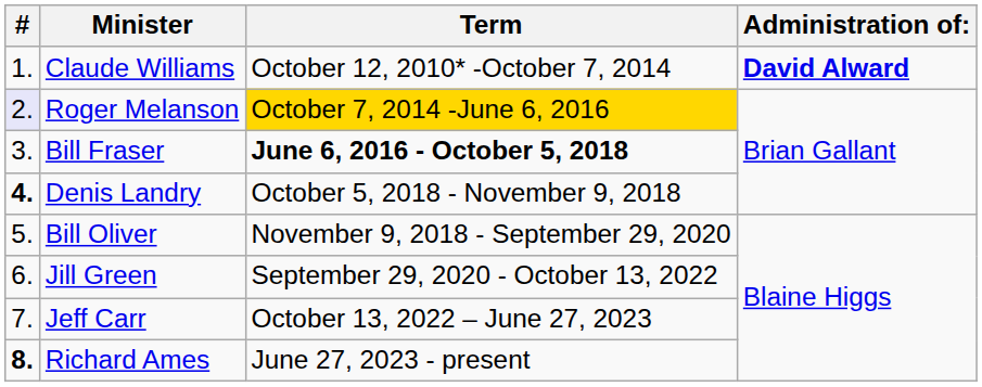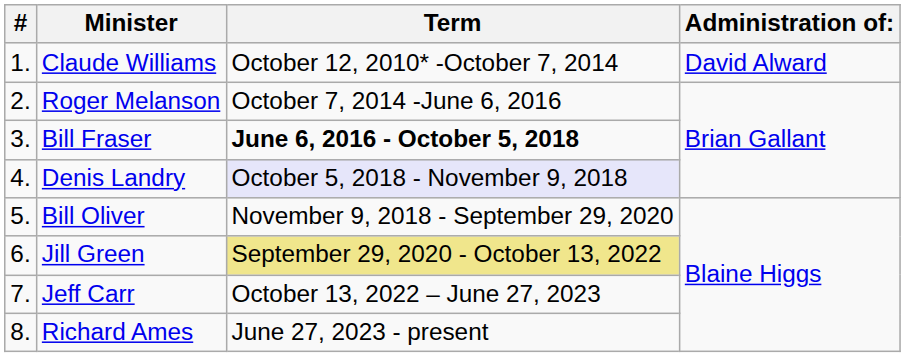 <table class="wikitable">
 <tr>
 <th>#</th>
 <th>Minister</th>
 <th>Term</th>
 <th>Administration of:</th>
 </tr>
 <tr>
 <td>1.</td>
 <td><a href='#'>Claude Williams</a></td>
 <td>October 12, 2010* -October 7, 2014</td>
-<td><strong><a href='#'>David Alward</a></strong></td>
+<td><a href='#'>David Alward</a></td>
 </tr>
 <tr>
-<td style="background: lavender;">2.</td>
+<td>2.</td>
 <td><a href='#'>Roger Melanson</a></td>
-<td style="background: gold;">October 7, 2014 -June 6, 2016</td>
+<td>October 7, 2014 -June 6, 2016</td>
 <td rowspan=3><a href='#'>Brian Gallant</a></td>
 </tr>
 <tr>
 <td>3.</td>
 <td><a href='#'>Bill Fraser</a></td>
 <td><strong>June 6, 2016 - October 5, 2018</strong></td>
 </tr>
 <tr>
-<td><strong>4.</strong></td>
+<td>4.</td>
 <td><a href='#'>Denis Landry</a></td>
-<td>October 5, 2018 - November 9, 2018</td>
+<td style="background: lavender;">October 5, 2018 - November 9, 2018</td>
 </tr>
 <tr>
 <td>5.</td>
 <td><a href='#'>Bill Oliver</a></td>
 <td>November 9, 2018 - September 29, 2020</td>
 <td rowspan=4><a href='#'>Blaine Higgs</a></td>
 </tr>
 <tr>
 <td>6.</td>
 <td><a href='#'>Jill Green</a></td>
-<td>September 29, 2020 - October 13, 2022</td>
+<td style="background: khaki;">September 29, 2020 - October 13, 2022</td>
 </tr>
 <tr>
 <td>7.</td>
 <td><a href='#'>Jeff Carr</a></td>
 <td>October 13, 2022 – June 27, 2023</td>
 </tr>
 <tr>
-<td><strong>8.</strong></td>
+<td>8.</td>
 <td><a href='#'>Richard Ames</a></td>
 <td>June 27, 2023 - present</td>
 </tr>
 </table>
